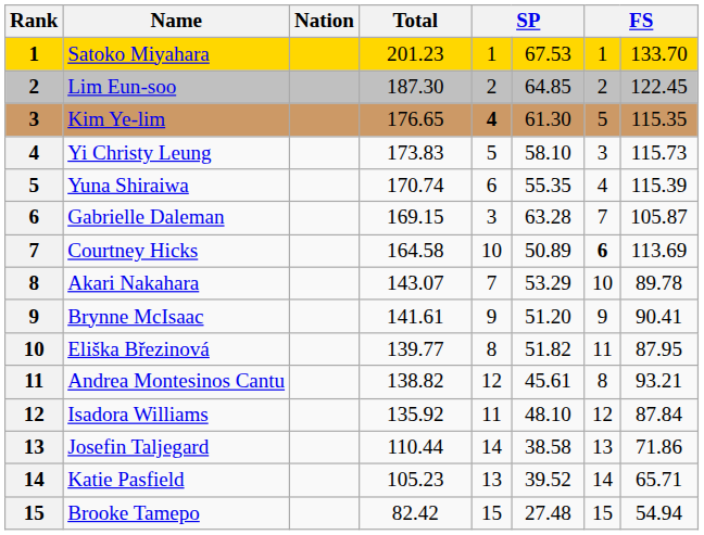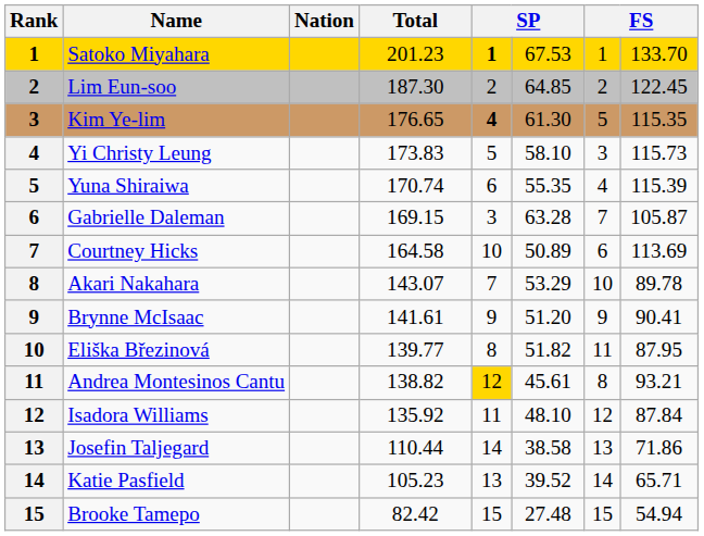 <table class="wikitable sortable">
 <tr>
 <th>Rank</th>
 <th>Name</th>
 <th>Nation</th>
 <th width="80px">Total</th>
 <th colspan="2" width="80px"><a href='#'>SP</a></th>
 <th colspan="2" width="80px"><a href='#'>FS</a></th>
 </tr>
 <tr bgcolor="gold">
 <td align="center"><strong>1</strong></td>
 <td><a href='#'>Satoko Miyahara</a></td>
 <td></td>
 <td align="center">201.23</td>
-<td align="center">1</td>
+<td align="center"><strong>1</strong></td>
 <td align="center">67.53</td>
 <td align="center">1</td>
 <td align="center">133.70</td>
 </tr>
 <tr bgcolor="silver">
 <td align="center"><strong>2</strong></td>
 <td><a href='#'>Lim Eun-soo</a></td>
 <td></td>
 <td align="center">187.30</td>
 <td align="center">2</td>
 <td align="center">64.85</td>
 <td align="center">2</td>
 <td align="center">122.45</td>
 </tr>
 <tr bgcolor="cc9966">
 <td align="center"><strong>3</strong></td>
 <td><a href='#'>Kim Ye-lim</a></td>
 <td></td>
 <td align="center">176.65</td>
 <td align="center"><strong>4</strong></td>
 <td align="center">61.30</td>
 <td align="center">5</td>
 <td align="center">115.35</td>
 </tr>
 <tr>
 <th>4</th>
 <td><a href='#'>Yi Christy Leung</a></td>
 <td></td>
 <td align="center">173.83</td>
 <td align="center">5</td>
 <td align="center">58.10</td>
 <td align="center">3</td>
 <td align="center">115.73</td>
 </tr>
 <tr>
 <th>5</th>
 <td><a href='#'>Yuna Shiraiwa</a></td>
 <td></td>
 <td align="center">170.74</td>
 <td align="center">6</td>
 <td align="center">55.35</td>
 <td align="center">4</td>
 <td align="center">115.39</td>
 </tr>
 <tr>
 <th>6</th>
 <td><a href='#'>Gabrielle Daleman</a></td>
 <td></td>
 <td align="center">169.15</td>
 <td align="center">3</td>
 <td align="center">63.28</td>
 <td align="center">7</td>
 <td align="center">105.87</td>
 </tr>
 <tr>
 <th>7</th>
 <td><a href='#'>Courtney Hicks</a></td>
 <td></td>
 <td align="center">164.58</td>
 <td align="center">10</td>
 <td align="center">50.89</td>
-<td align="center"><strong>6</strong></td>
+<td align="center">6</td>
 <td align="center">113.69</td>
 </tr>
 <tr>
 <th>8</th>
 <td><a href='#'>Akari Nakahara</a></td>
 <td></td>
 <td align="center">143.07</td>
 <td align="center">7</td>
 <td align="center">53.29</td>
 <td align="center">10</td>
 <td align="center">89.78</td>
 </tr>
 <tr>
 <th>9</th>
 <td><a href='#'>Brynne McIsaac</a></td>
 <td></td>
 <td align="center">141.61</td>
 <td align="center">9</td>
 <td align="center">51.20</td>
 <td align="center">9</td>
 <td align="center">90.41</td>
 </tr>
 <tr>
 <th>10</th>
 <td><a href='#'>Eliška Březinová</a></td>
 <td></td>
 <td align="center">139.77</td>
 <td align="center">8</td>
 <td align="center">51.82</td>
 <td align="center">11</td>
 <td align="center">87.95</td>
 </tr>
 <tr>
 <th>11</th>
 <td><a href='#'>Andrea Montesinos Cantu</a></td>
 <td></td>
 <td align="center">138.82</td>
-<td align="center">12</td>
+<td align="center" style="background: gold;">12</td>
 <td align="center">45.61</td>
 <td align="center">8</td>
 <td align="center">93.21</td>
 </tr>
 <tr>
 <th>12</th>
 <td><a href='#'>Isadora Williams</a></td>
 <td></td>
 <td align="center">135.92</td>
 <td align="center">11</td>
 <td align="center">48.10</td>
 <td align="center">12</td>
 <td align="center">87.84</td>
 </tr>
 <tr>
 <th>13</th>
 <td><a href='#'>Josefin Taljegard</a></td>
 <td></td>
 <td align="center">110.44</td>
 <td align="center">14</td>
 <td align="center">38.58</td>
 <td align="center">13</td>
 <td align="center">71.86</td>
 </tr>
 <tr>
 <th>14</th>
 <td><a href='#'>Katie Pasfield</a></td>
 <td></td>
 <td align="center">105.23</td>
 <td align="center">13</td>
 <td align="center">39.52</td>
 <td align="center">14</td>
 <td align="center">65.71</td>
 </tr>
 <tr>
 <th>15</th>
 <td><a href='#'>Brooke Tamepo</a></td>
 <td></td>
 <td align="center">82.42</td>
 <td align="center">15</td>
 <td align="center">27.48</td>
 <td align="center">15</td>
 <td align="center">54.94</td>
 </tr>
 </table>
